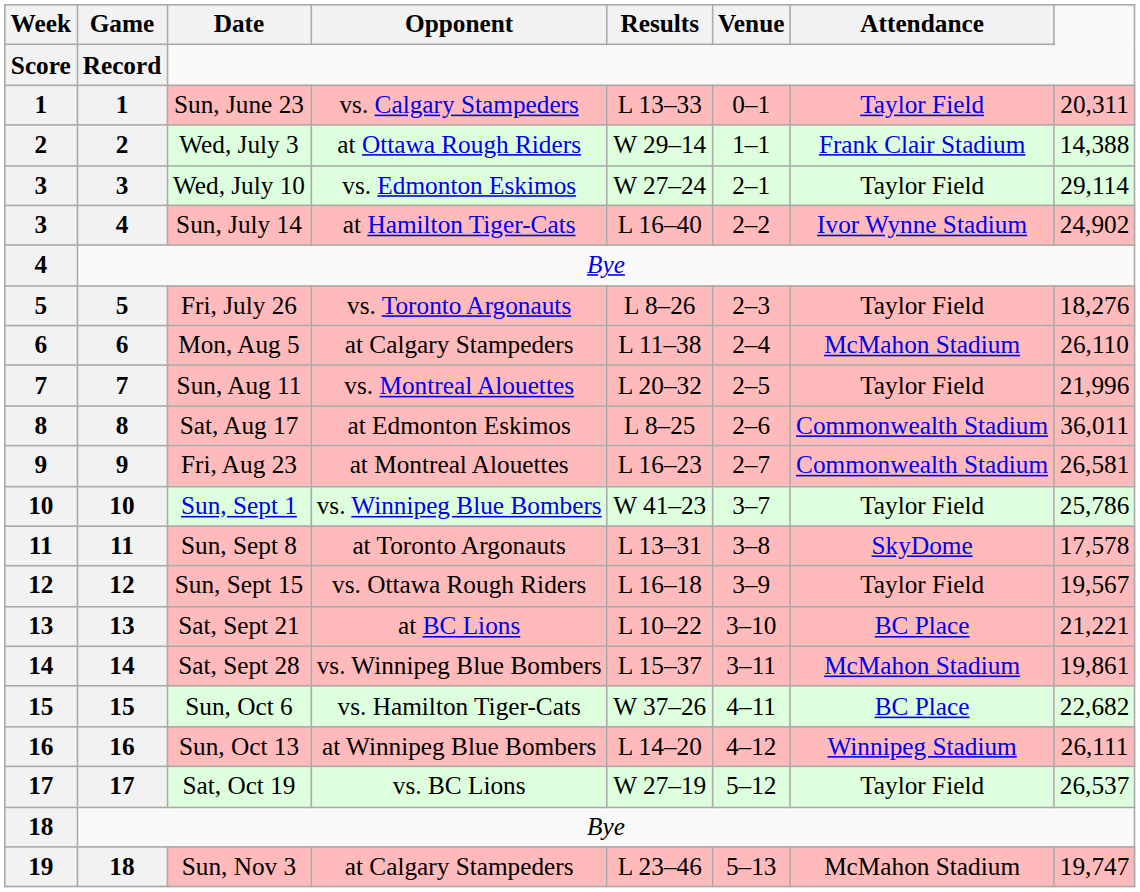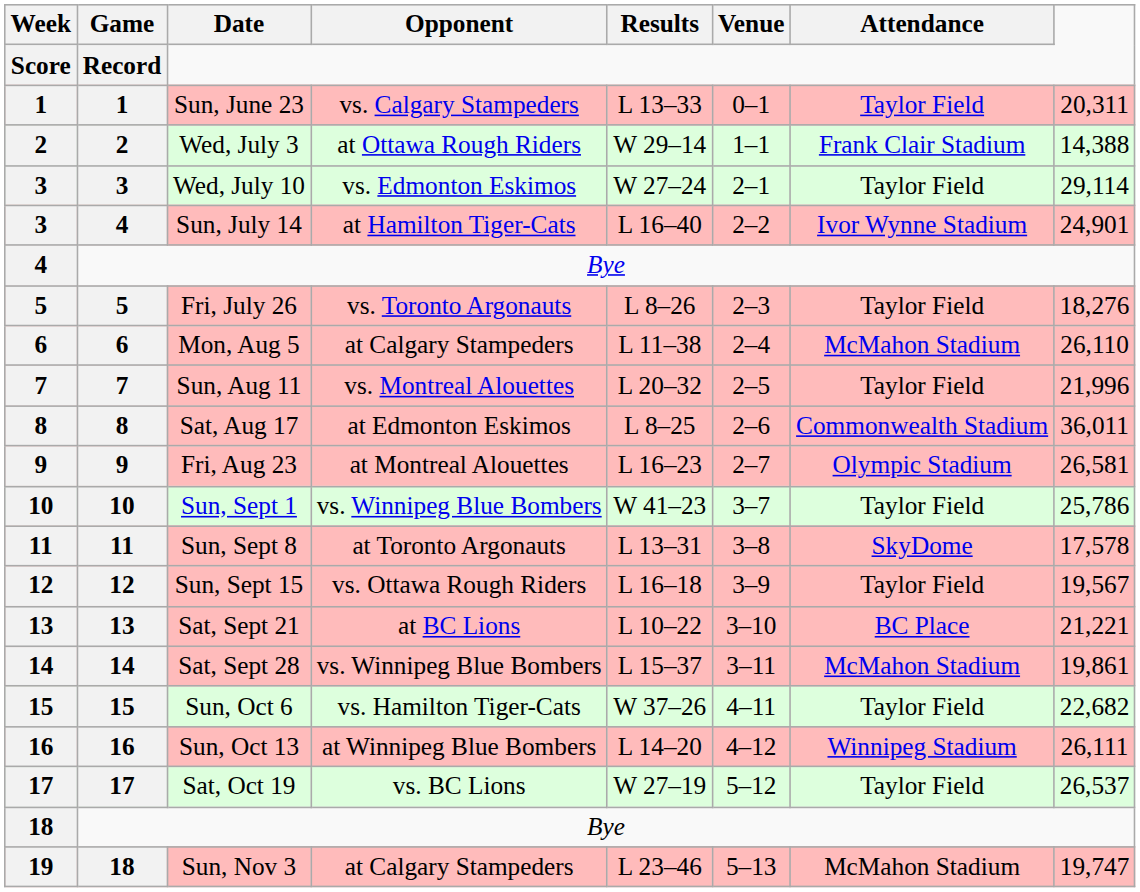 <table class="wikitable" style="text-align:center">
 <tr>
 <th>Week</th>
 <th>Game</th>
 <th>Date</th>
 <th>Opponent</th>
 <th>Results</th>
 <th>Venue</th>
 <th>Attendance</th>
 </tr>
 <tr>
 <th>Score</th>
 <th>Record</th>
 </tr>
 <tr style="background:#ffbbbb">
 <th>1</th>
 <th>1</th>
 <td>Sun, June 23</td>
 <td>vs. <a href='#'>Calgary Stampeders</a></td>
 <td>L 13–33</td>
 <td>0–1</td>
 <td><a href='#'>Taylor Field</a></td>
 <td>20,311</td>
 </tr>
 <tr style="background:#ddffdd">
 <th>2</th>
 <th>2</th>
 <td>Wed, July 3</td>
 <td>at <a href='#'>Ottawa Rough Riders</a></td>
 <td>W 29–14</td>
 <td>1–1</td>
 <td><a href='#'>Frank Clair Stadium</a></td>
 <td>14,388</td>
 </tr>
 <tr style="background:#ddffdd">
 <th>3</th>
 <th>3</th>
 <td>Wed, July 10</td>
 <td>vs. <a href='#'>Edmonton Eskimos</a></td>
 <td>W 27–24</td>
 <td>2–1</td>
 <td>Taylor Field</td>
 <td>29,114</td>
 </tr>
 <tr style="background:#ffbbbb">
 <th>3</th>
 <th>4</th>
 <td>Sun, July 14</td>
 <td>at <a href='#'>Hamilton Tiger-Cats</a></td>
 <td>L 16–40</td>
 <td>2–2</td>
 <td><a href='#'>Ivor Wynne Stadium</a></td>
-<td>24,902</td>
+<td>24,901</td>
 </tr>
 <tr>
 <th>4</th>
 <td colspan=7><em><a href='#'>Bye</a></em></td>
 </tr>
 <tr style="background:#ffbbbb">
 <th>5</th>
 <th>5</th>
 <td>Fri, July 26</td>
 <td>vs. <a href='#'>Toronto Argonauts</a></td>
 <td>L 8–26</td>
 <td>2–3</td>
 <td>Taylor Field</td>
 <td>18,276</td>
 </tr>
 <tr style="background:#ffbbbb">
 <th>6</th>
 <th>6</th>
 <td>Mon, Aug 5</td>
 <td>at Calgary Stampeders</td>
 <td>L 11–38</td>
 <td>2–4</td>
 <td><a href='#'>McMahon Stadium</a></td>
 <td>26,110</td>
 </tr>
 <tr style="background:#ffbbbb">
 <th>7</th>
 <th>7</th>
 <td>Sun, Aug 11</td>
 <td>vs. <a href='#'>Montreal Alouettes</a></td>
 <td>L 20–32</td>
 <td>2–5</td>
 <td>Taylor Field</td>
 <td>21,996</td>
 </tr>
 <tr style="background:#ffbbbb">
 <th>8</th>
 <th>8</th>
 <td>Sat, Aug 17</td>
 <td>at Edmonton Eskimos</td>
 <td>L 8–25</td>
 <td>2–6</td>
 <td><a href='#'>Commonwealth Stadium</a></td>
 <td>36,011</td>
 </tr>
 <tr style="background:#ffbbbb">
 <th>9</th>
 <th>9</th>
 <td>Fri, Aug 23</td>
 <td>at Montreal Alouettes</td>
 <td>L 16–23</td>
 <td>2–7</td>
-<td><a href='#'>Commonwealth Stadium</a></td>
+<td><a href='#'>Olympic Stadium</a></td>
 <td>26,581</td>
 </tr>
 <tr style="background:#ddffdd">
 <th>10</th>
 <th>10</th>
 <td><a href='#'>Sun, Sept 1</a></td>
 <td>vs. <a href='#'>Winnipeg Blue Bombers</a></td>
 <td>W 41–23</td>
 <td>3–7</td>
 <td>Taylor Field</td>
 <td>25,786</td>
 </tr>
 <tr style="background:#ffbbbb">
 <th>11</th>
 <th>11</th>
 <td>Sun, Sept 8</td>
 <td>at Toronto Argonauts</td>
 <td>L 13–31</td>
 <td>3–8</td>
 <td><a href='#'>SkyDome</a></td>
 <td>17,578</td>
 </tr>
 <tr style="background:#ffbbbb">
 <th>12</th>
 <th>12</th>
 <td>Sun, Sept 15</td>
 <td>vs. Ottawa Rough Riders</td>
 <td>L 16–18</td>
 <td>3–9</td>
 <td>Taylor Field</td>
 <td>19,567</td>
 </tr>
 <tr style="background:#ffbbbb">
 <th>13</th>
 <th>13</th>
 <td>Sat, Sept 21</td>
 <td>at <a href='#'>BC Lions</a></td>
 <td>L 10–22</td>
 <td>3–10</td>
 <td><a href='#'>BC Place</a></td>
 <td>21,221</td>
 </tr>
 <tr style="background:#ffbbbb">
 <th>14</th>
 <th>14</th>
 <td>Sat, Sept 28</td>
 <td>vs. Winnipeg Blue Bombers</td>
 <td>L 15–37</td>
 <td>3–11</td>
 <td><a href='#'>McMahon Stadium</a></td>
 <td>19,861</td>
 </tr>
 <tr style="background:#ddffdd">
 <th>15</th>
 <th>15</th>
 <td>Sun, Oct 6</td>
 <td>vs. Hamilton Tiger-Cats</td>
 <td>W 37–26</td>
 <td>4–11</td>
-<td><a href='#'>BC Place</a></td>
+<td>Taylor Field</td>
 <td>22,682</td>
 </tr>
 <tr style="background:#ffbbbb">
 <th>16</th>
 <th>16</th>
 <td>Sun, Oct 13</td>
 <td>at Winnipeg Blue Bombers</td>
 <td>L 14–20</td>
 <td>4–12</td>
 <td><a href='#'>Winnipeg Stadium</a></td>
 <td>26,111</td>
 </tr>
 <tr style="background:#ddffdd">
 <th>17</th>
 <th>17</th>
 <td>Sat, Oct 19</td>
 <td>vs. BC Lions</td>
 <td>W 27–19</td>
 <td>5–12</td>
 <td>Taylor Field</td>
 <td>26,537</td>
 </tr>
 <tr>
 <th>18</th>
 <td colspan=7><em>Bye</em></td>
 </tr>
 <tr style="background:#ffbbbb">
 <th>19</th>
 <th>18</th>
 <td>Sun, Nov 3</td>
 <td>at Calgary Stampeders</td>
 <td>L 23–46</td>
 <td>5–13</td>
 <td>McMahon Stadium</td>
 <td>19,747</td>
 </tr>
 </table>
